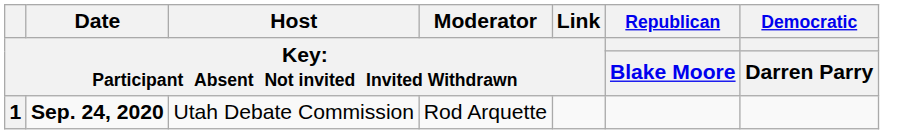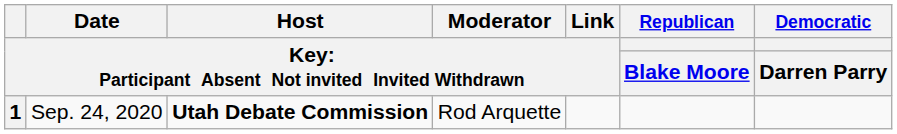 <table class="wikitable" style="text-align:center;">
 <tr>
 <th scope="col"></th>
 <th scope="col">Date</th>
 <th scope="col">Host</th>
 <th scope="col">Moderator</th>
 <th scope="col">Link</th>
 <th scope="col"><small><a href='#'>Republican</a></small></th>
 <th scope="col"><small><a href='#'>Democratic</a></small></th>
 </tr>
 <tr>
 <th colspan="5" rowspan="2">Key:<br> <small>Participant </small>  <small>Absent </small>  <small>Not invited </small>  <small>Invited  Withdrawn</small></th>
 <th scope="col" style="background:"></th>
 <th scope="col" style="background:"></th>
 </tr>
 <tr>
 <th scope="col"><a href='#'>Blake Moore</a></th>
 <th scope="col">Darren Parry</th>
 </tr>
 <tr>
 <th>1</th>
-<td style="white-space:nowrap;"><strong>Sep. 24, 2020</strong></td>
-<td style="white-space:nowrap;">Utah Debate Commission</td>
+<td style="white-space:nowrap;">Sep. 24, 2020</td>
+<td style="white-space:nowrap;"><strong>Utah Debate Commission</strong></td>
 <td style="white-space:nowrap;">Rod Arquette</td>
 <td style="white-space:nowrap;"></td>
 <td></td>
 <td></td>
 </tr>
 </table>
